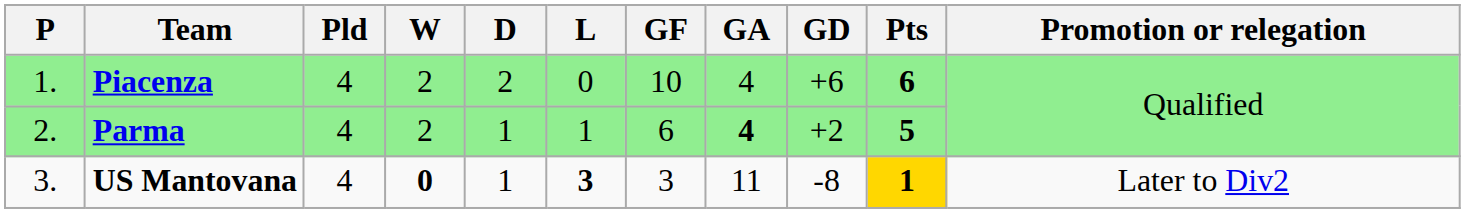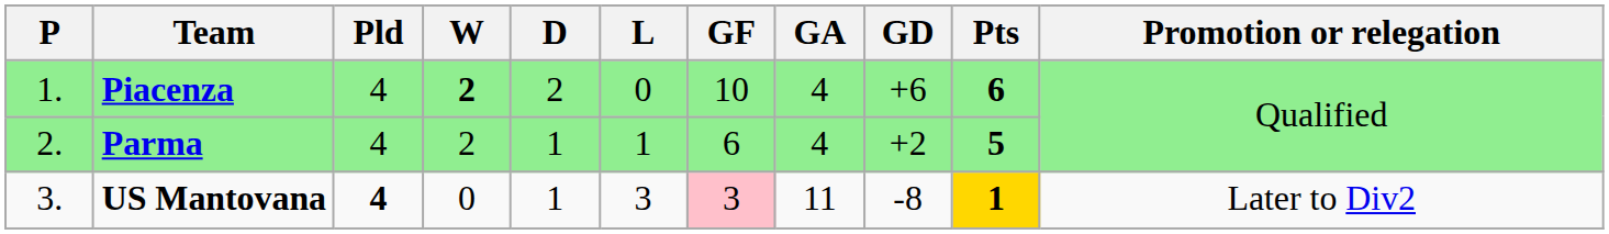 <table class="wikitable sortable" style="text-align: center;">
 <tr>
 <th width=33>P<br></th>
 <th>Team<br></th>
 <th width=33>Pld<br></th>
 <th width=33>W<br></th>
 <th width=33>D<br></th>
 <th width=33>L<br></th>
 <th width=33>GF<br></th>
 <th width=33>GA<br></th>
 <th width=33>GD<br></th>
 <th width=33>Pts<br></th>
 <th class="unsortable" width=250>Promotion or relegation<br></th>
 </tr>
 <tr style="background: #90EE90;">
 <td>1.</td>
 <td align="left"><strong><a href='#'>Piacenza</a></strong></td>
 <td>4</td>
-<td>2</td>
+<td><strong>2</strong></td>
 <td>2</td>
 <td>0</td>
 <td>10</td>
 <td>4</td>
 <td>+6</td>
 <td><strong>6</strong></td>
 <td rowspan="2">Qualified</td>
 </tr>
 <tr style="background: #90EE90;">
 <td>2.</td>
 <td align="left"><strong><a href='#'>Parma</a></strong></td>
 <td>4</td>
 <td>2</td>
 <td>1</td>
 <td>1</td>
 <td>6</td>
-<td><strong>4</strong></td>
+<td>4</td>
 <td>+2</td>
 <td><strong>5</strong></td>
 </tr>
 <tr>
 <td>3.</td>
 <td align="left"><strong>US Mantovana</strong></td>
-<td>4</td>
-<td><strong>0</strong></td>
+<td><strong>4</strong></td>
+<td>0</td>
 <td>1</td>
-<td><strong>3</strong></td>
 <td>3</td>
+<td style="background: pink;">3</td>
 <td>11</td>
 <td>-8</td>
 <td style="background: gold;"><strong>1</strong></td>
 <td>Later to <a href='#'>Div2</a></td>
 </tr>
 </table>
